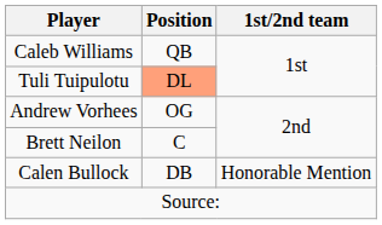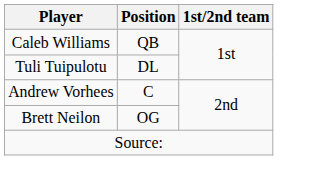 <table class="wikitable" style="text-align: center">
 <tr align=center>
 <th>Player</th>
 <th>Position</th>
 <th>1st/2nd team</th>
 </tr>
 <tr>
 <td>Caleb Williams</td>
 <td>QB</td>
 <td rowspan="2">1st</td>
 </tr>
 <tr>
 <td>Tuli Tuipulotu</td>
-<td style="background: lightsalmon;">DL</td>
+<td>DL</td>
 </tr>
 <tr>
 <td>Andrew Vorhees</td>
-<td>OG</td>
+<td>C</td>
 <td rowspan="2">2nd</td>
 </tr>
 <tr>
 <td>Brett Neilon</td>
-<td>C</td>
-</tr>
-<tr>
-<td>Calen Bullock</td>
-<td>DB</td>
-<td>Honorable Mention</td>
+<td>OG</td>
 </tr>
 <tr>
 <td colspan="3">Source:</td>
 </tr>
 </table>
